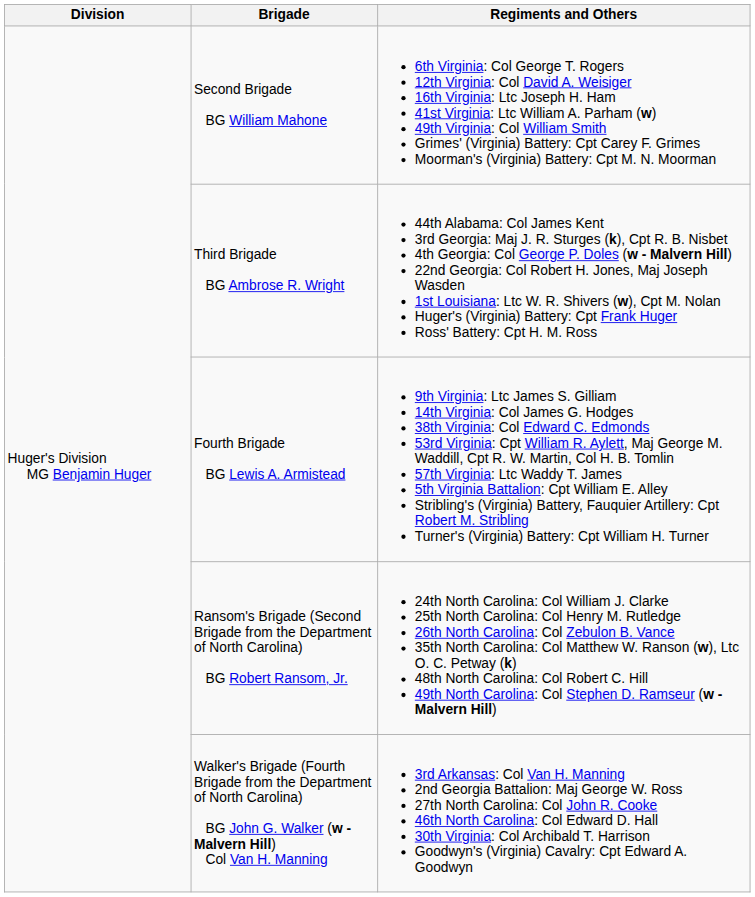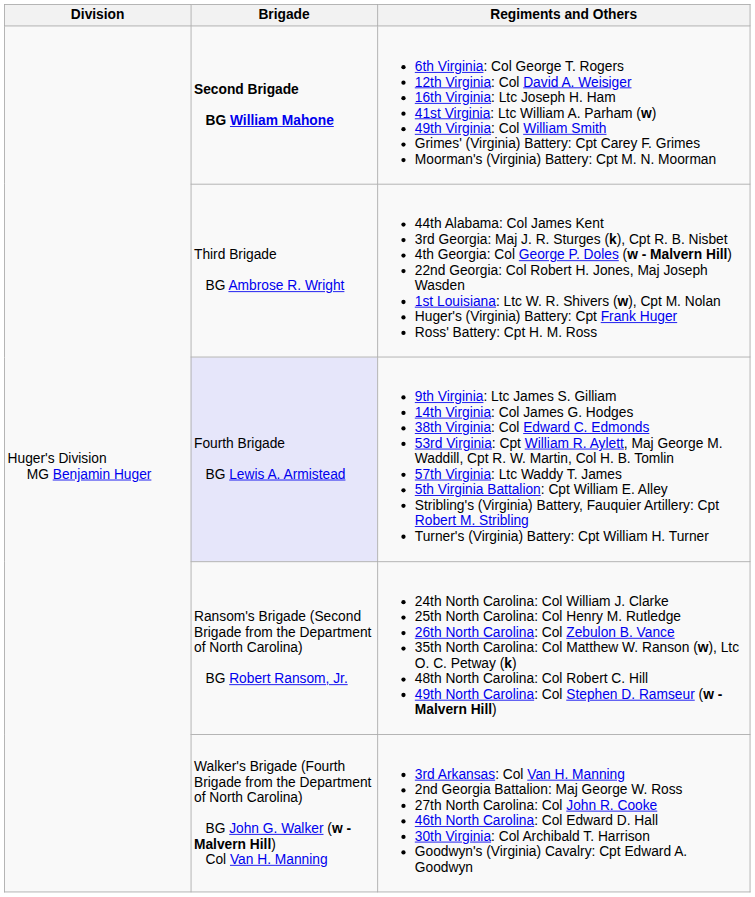 <table class="wikitable">
 <tr>
 <th width=25%>Division</th>
 <th width=25%>Brigade</th>
 <th>Regiments and Others</th>
 </tr>
 <tr>
 <td rowspan=5><br>Huger's Division <br>     MG <a href='#'>Benjamin Huger</a></td>
-<td>Second Brigade<br><br>   BG <a href='#'>William Mahone</a></td>
+<td><strong>Second Brigade<br><br>   BG <a href='#'>William Mahone</a></strong></td>
 <td><br><ul><li><a href='#'>6th Virginia</a>: Col George T. Rogers</li><li><a href='#'>12th Virginia</a>: Col <a href='#'>David A. Weisiger</a></li><li><a href='#'>16th Virginia</a>: Ltc Joseph H. Ham</li><li><a href='#'>41st Virginia</a>: Ltc William A. Parham (<strong>w</strong>)</li><li><a href='#'>49th Virginia</a>: Col <a href='#'>William Smith</a></li><li>Grimes' (Virginia) Battery: Cpt Carey F. Grimes</li><li>Moorman's (Virginia) Battery: Cpt M. N. Moorman</li></ul></td>
 </tr>
 <tr>
 <td>Third Brigade<br><br>   BG <a href='#'>Ambrose R. Wright</a></td>
 <td><br><ul><li>44th Alabama: Col James Kent</li><li>3rd Georgia: Maj J. R. Sturges (<strong>k</strong>), Cpt R. B. Nisbet</li><li>4th Georgia: Col <a href='#'>George P. Doles</a> (<strong>w - Malvern Hill</strong>)</li><li>22nd Georgia: Col Robert H. Jones, Maj Joseph Wasden</li><li><a href='#'>1st Louisiana</a>: Ltc W. R. Shivers (<strong>w</strong>), Cpt M. Nolan</li><li>Huger's (Virginia) Battery: Cpt <a href='#'>Frank Huger</a></li><li>Ross' Battery: Cpt H. M. Ross</li></ul></td>
 </tr>
 <tr>
-<td>Fourth Brigade<br><br>   BG <a href='#'>Lewis A. Armistead</a></td>
+<td style="background: lavender;">Fourth Brigade<br><br>   BG <a href='#'>Lewis A. Armistead</a></td>
 <td><br><ul><li><a href='#'>9th Virginia</a>: Ltc James S. Gilliam</li><li><a href='#'>14th Virginia</a>: Col James G. Hodges</li><li><a href='#'>38th Virginia</a>: Col <a href='#'>Edward C. Edmonds</a></li><li><a href='#'>53rd Virginia</a>: Cpt <a href='#'>William R. Aylett</a>, Maj George M. Waddill, Cpt R. W. Martin, Col H. B. Tomlin</li><li><a href='#'>57th Virginia</a>: Ltc Waddy T. James</li><li><a href='#'>5th Virginia Battalion</a>: Cpt William E. Alley</li><li>Stribling's (Virginia) Battery, Fauquier Artillery: Cpt <a href='#'>Robert M. Stribling</a></li><li>Turner's (Virginia) Battery: Cpt William H. Turner</li></ul></td>
 </tr>
 <tr>
 <td>Ransom's Brigade (Second Brigade from the Department of North Carolina)<br><br>   BG <a href='#'>Robert Ransom, Jr.</a></td>
 <td><br><ul><li>24th North Carolina: Col William J. Clarke</li><li>25th North Carolina: Col Henry M. Rutledge</li><li><a href='#'>26th North Carolina</a>: Col <a href='#'>Zebulon B. Vance</a></li><li>35th North Carolina: Col Matthew W. Ranson (<strong>w</strong>), Ltc O. C. Petway (<strong>k</strong>)</li><li>48th North Carolina: Col Robert C. Hill</li><li><a href='#'>49th North Carolina</a>: Col <a href='#'>Stephen D. Ramseur</a> (<strong>w - Malvern Hill</strong>)</li></ul></td>
 </tr>
 <tr>
 <td>Walker's Brigade (Fourth Brigade from the Department of North Carolina)<br><br>   BG <a href='#'>John G. Walker</a> (<strong>w - Malvern Hill</strong>) <br>   Col <a href='#'>Van H. Manning</a></td>
 <td><br><ul><li><a href='#'>3rd Arkansas</a>: Col <a href='#'>Van H. Manning</a></li><li>2nd Georgia Battalion: Maj George W. Ross</li><li>27th North Carolina: Col <a href='#'>John R. Cooke</a></li><li><a href='#'>46th North Carolina</a>: Col Edward D. Hall</li><li><a href='#'>30th Virginia</a>: Col Archibald T. Harrison</li><li>Goodwyn's (Virginia) Cavalry: Cpt Edward A. Goodwyn</li></ul></td>
 </tr>
 </table>
